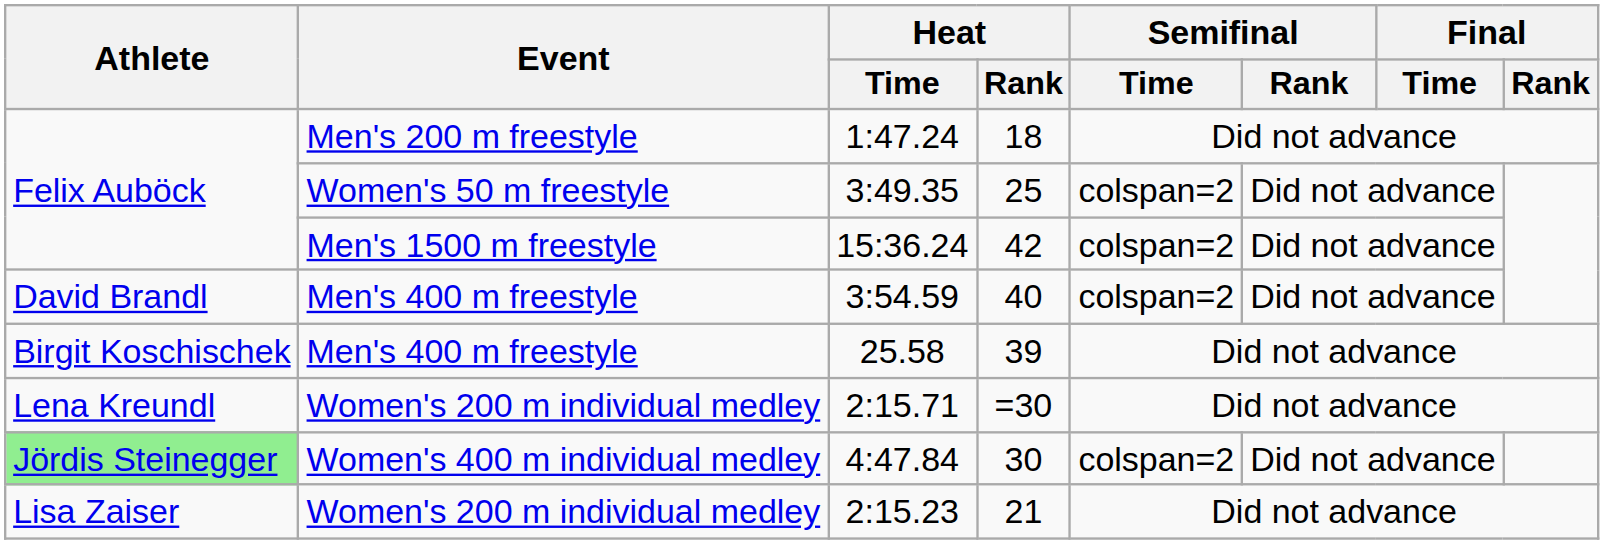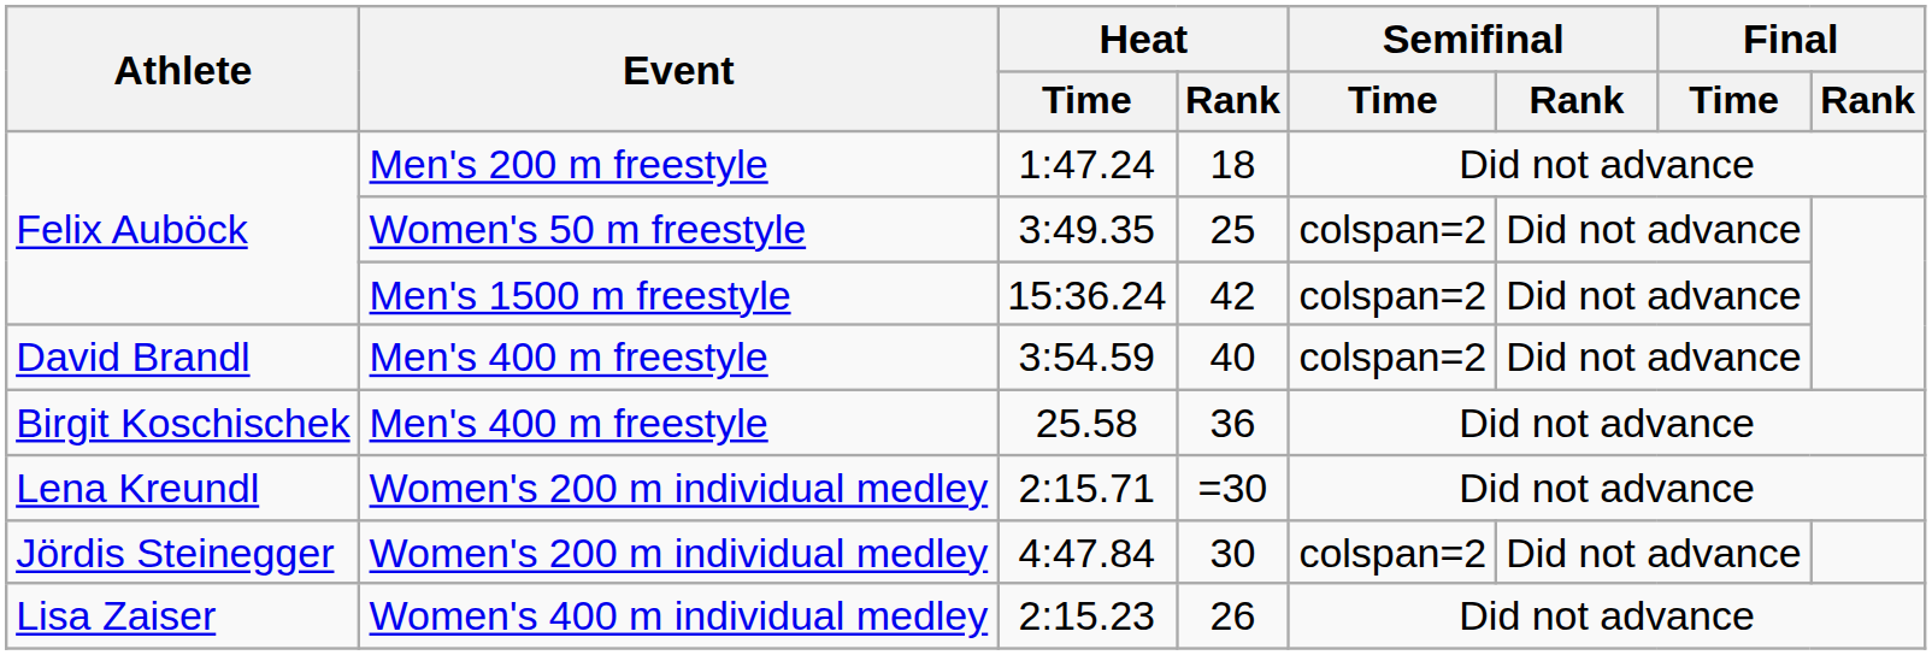 <table class=wikitable style="font-size:90%">
 <tr>
 <th rowspan="2">Athlete</th>
 <th rowspan="2">Event</th>
 <th colspan="2">Heat</th>
 <th colspan="2">Semifinal</th>
 <th colspan="2">Final</th>
 </tr>
 <tr style="font-size:95%">
 <th>Time</th>
 <th>Rank</th>
 <th>Time</th>
 <th>Rank</th>
 <th>Time</th>
 <th>Rank</th>
 </tr>
 <tr align=center>
 <td align=left rowspan=3><a href='#'>Felix Auböck</a></td>
 <td align=left><a href='#'>Men's 200 m freestyle</a></td>
 <td>1:47.24</td>
 <td>18</td>
 <td colspan=4>Did not advance</td>
 </tr>
 <tr align=center>
 <td align=left><a href='#'>Women's 50 m freestyle</a></td>
 <td>3:49.35</td>
 <td>25</td>
 <td>colspan=2 </td>
 <td colspan=2>Did not advance</td>
 </tr>
 <tr align=center>
 <td align=left><a href='#'>Men's 1500 m freestyle</a></td>
 <td>15:36.24</td>
 <td>42</td>
 <td>colspan=2 </td>
 <td colspan=2>Did not advance</td>
 </tr>
 <tr align=center>
 <td align=left><a href='#'>David Brandl</a></td>
 <td align=left><a href='#'>Men's 400 m freestyle</a></td>
 <td>3:54.59</td>
 <td>40</td>
 <td>colspan=2 </td>
 <td colspan=2>Did not advance</td>
 </tr>
 <tr align=center>
 <td align=left><a href='#'>Birgit Koschischek</a></td>
 <td align=left><a href='#'>Men's 400 m freestyle</a></td>
 <td>25.58</td>
-<td>39</td>
+<td>36</td>
 <td colspan=4>Did not advance</td>
 </tr>
 <tr align=center>
 <td align=left><a href='#'>Lena Kreundl</a></td>
 <td align=left><a href='#'>Women's 200 m individual medley</a></td>
 <td>2:15.71</td>
 <td>=30</td>
 <td colspan=4>Did not advance</td>
 </tr>
 <tr align=center>
-<td align=left style="background: lightgreen;"><a href='#'>Jördis Steinegger</a></td>
-<td align=left><a href='#'>Women's 400 m individual medley</a></td>
+<td align=left><a href='#'>Jördis Steinegger</a></td>
+<td align=left><a href='#'>Women's 200 m individual medley</a></td>
 <td>4:47.84</td>
 <td>30</td>
 <td>colspan=2 </td>
 <td colspan=2>Did not advance</td>
 </tr>
 <tr align=center>
 <td align=left><a href='#'>Lisa Zaiser</a></td>
-<td align=left><a href='#'>Women's 200 m individual medley</a></td>
+<td align=left><a href='#'>Women's 400 m individual medley</a></td>
 <td>2:15.23</td>
-<td>21</td>
+<td>26</td>
 <td colspan=4>Did not advance</td>
 </tr>
 </table>
